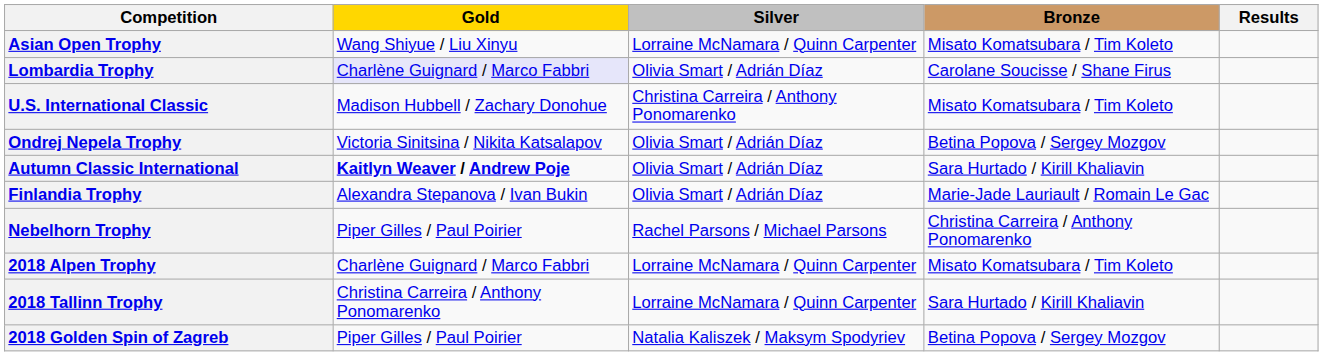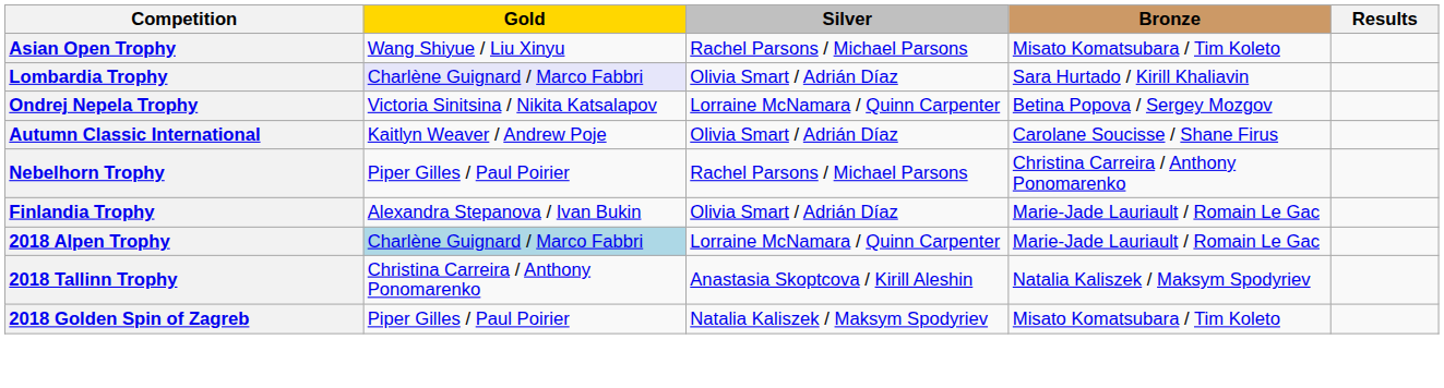 <table class="wikitable unsortable" style="text-align:left; width:100%;">
 <tr>
 <th scope="col" style="text-align:center; width:25%;">Competition</th>
 <td scope="col" style="text-align:center; width:22.5%; background:gold"><strong>Gold</strong></td>
 <td scope="col" style="text-align:center; width:22.5%; background:silver"><strong>Silver</strong></td>
 <td scope="col" style="text-align:center; width:22.5%; background:#c96"><strong>Bronze</strong></td>
 <th scope="col" style="text-align:center; width:7.5%;">Results</th>
 </tr>
 <tr>
 <th scope="row" style="text-align:left"> <a href='#'>Asian Open Trophy</a></th>
 <td> <a href='#'>Wang Shiyue</a> / <a href='#'>Liu Xinyu</a></td>
-<td> <a href='#'>Lorraine McNamara</a> / <a href='#'>Quinn Carpenter</a></td>
+<td> <a href='#'>Rachel Parsons</a> / <a href='#'>Michael Parsons</a></td>
 <td> <a href='#'>Misato Komatsubara</a> / <a href='#'>Tim Koleto</a></td>
 <td></td>
 </tr>
 <tr>
 <th scope="row" style="text-align:left"> <a href='#'>Lombardia Trophy</a></th>
 <td style="background: lavender;"> <a href='#'>Charlène Guignard</a> / <a href='#'>Marco Fabbri</a></td>
 <td> <a href='#'>Olivia Smart</a> / <a href='#'>Adrián Díaz</a></td>
-<td> <a href='#'>Carolane Soucisse</a> / <a href='#'>Shane Firus</a></td>
-<td></td>
-</tr>
-<tr>
-<th scope="row" style="text-align:left"> <a href='#'>U.S. International Classic</a></th>
-<td> <a href='#'>Madison Hubbell</a> / <a href='#'>Zachary Donohue</a></td>
-<td> <a href='#'>Christina Carreira</a> / <a href='#'>Anthony Ponomarenko</a></td>
-<td> <a href='#'>Misato Komatsubara</a> / <a href='#'>Tim Koleto</a></td>
+<td> <a href='#'>Sara Hurtado</a> / <a href='#'>Kirill Khaliavin</a></td>
 <td></td>
 </tr>
 <tr>
 <th scope="row" style="text-align:left"> <a href='#'>Ondrej Nepela Trophy</a></th>
 <td> <a href='#'>Victoria Sinitsina</a> / <a href='#'>Nikita Katsalapov</a></td>
-<td> <a href='#'>Olivia Smart</a> / <a href='#'>Adrián Díaz</a></td>
+<td> <a href='#'>Lorraine McNamara</a> / <a href='#'>Quinn Carpenter</a></td>
 <td> <a href='#'>Betina Popova</a> / <a href='#'>Sergey Mozgov</a></td>
 <td></td>
 </tr>
 <tr>
 <th scope="row" style="text-align:left"> <a href='#'>Autumn Classic International</a></th>
-<td><strong> <a href='#'>Kaitlyn Weaver</a> / <a href='#'>Andrew Poje</a></strong></td>
+<td> <a href='#'>Kaitlyn Weaver</a> / <a href='#'>Andrew Poje</a></td>
 <td> <a href='#'>Olivia Smart</a> / <a href='#'>Adrián Díaz</a></td>
-<td> <a href='#'>Sara Hurtado</a> / <a href='#'>Kirill Khaliavin</a></td>
+<td> <a href='#'>Carolane Soucisse</a> / <a href='#'>Shane Firus</a></td>
+<td></td>
+</tr>
+<tr>
+<th scope="row" style="text-align:left"> <a href='#'>Nebelhorn Trophy</a></th>
+<td> <a href='#'>Piper Gilles</a> / <a href='#'>Paul Poirier</a></td>
+<td> <a href='#'>Rachel Parsons</a> / <a href='#'>Michael Parsons</a></td>
+<td> <a href='#'>Christina Carreira</a> / <a href='#'>Anthony Ponomarenko</a></td>
 <td></td>
 </tr>
 <tr>
 <th scope="row" style="text-align:left"> <a href='#'>Finlandia Trophy</a></th>
 <td> <a href='#'>Alexandra Stepanova</a> / <a href='#'>Ivan Bukin</a></td>
 <td> <a href='#'>Olivia Smart</a> / <a href='#'>Adrián Díaz</a></td>
 <td> <a href='#'>Marie-Jade Lauriault</a> / <a href='#'>Romain Le Gac</a></td>
 <td></td>
 </tr>
 <tr>
-<th scope="row" style="text-align:left"> <a href='#'>Nebelhorn Trophy</a></th>
-<td> <a href='#'>Piper Gilles</a> / <a href='#'>Paul Poirier</a></td>
-<td> <a href='#'>Rachel Parsons</a> / <a href='#'>Michael Parsons</a></td>
-<td> <a href='#'>Christina Carreira</a> / <a href='#'>Anthony Ponomarenko</a></td>
-<td></td>
-</tr>
-<tr>
 <th scope="row" style="text-align:left"> <a href='#'>2018 Alpen Trophy</a></th>
-<td> <a href='#'>Charlène Guignard</a> / <a href='#'>Marco Fabbri</a></td>
+<td style="background: lightblue;"> <a href='#'>Charlène Guignard</a> / <a href='#'>Marco Fabbri</a></td>
 <td> <a href='#'>Lorraine McNamara</a> / <a href='#'>Quinn Carpenter</a></td>
-<td> <a href='#'>Misato Komatsubara</a> / <a href='#'>Tim Koleto</a></td>
+<td> <a href='#'>Marie-Jade Lauriault</a> / <a href='#'>Romain Le Gac</a></td>
 <td></td>
 </tr>
 <tr>
 <th scope="row" style="text-align:left"> <a href='#'>2018 Tallinn Trophy</a></th>
 <td> <a href='#'>Christina Carreira</a> / <a href='#'>Anthony Ponomarenko</a></td>
-<td> <a href='#'>Lorraine McNamara</a> / <a href='#'>Quinn Carpenter</a></td>
-<td> <a href='#'>Sara Hurtado</a> / <a href='#'>Kirill Khaliavin</a></td>
+<td> <a href='#'>Anastasia Skoptcova</a> / <a href='#'>Kirill Aleshin</a></td>
+<td> <a href='#'>Natalia Kaliszek</a> / <a href='#'>Maksym Spodyriev</a></td>
 <td></td>
 </tr>
 <tr>
 <th scope="row" style="text-align:left"> <a href='#'>2018 Golden Spin of Zagreb</a></th>
 <td> <a href='#'>Piper Gilles</a> / <a href='#'>Paul Poirier</a></td>
 <td> <a href='#'>Natalia Kaliszek</a> / <a href='#'>Maksym Spodyriev</a></td>
-<td> <a href='#'>Betina Popova</a> / <a href='#'>Sergey Mozgov</a></td>
+<td> <a href='#'>Misato Komatsubara</a> / <a href='#'>Tim Koleto</a></td>
 <td></td>
 </tr>
 </table>
